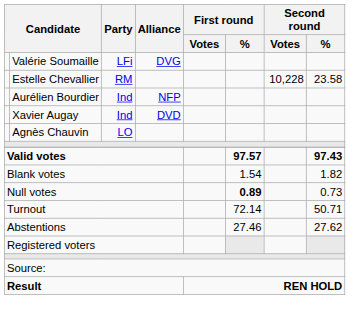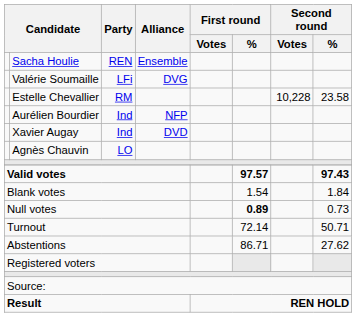 <table class="wikitable" style="text-align:right;font-size:95%;">
 <tr>
 <th colspan="2" rowspan="2">Candidate</th>
 <th colspan="1" rowspan="2">Party</th>
 <th colspan="1" rowspan="2">Alliance</th>
 <th colspan="2">First round</th>
 <th colspan="2">Second round</th>
 </tr>
 <tr>
 <th style="width:50px;">Votes</th>
 <th style="width:45px;">%</th>
 <th style="width:50px;">Votes</th>
 <th style="width:45px;">%</th>
+</tr>
+<tr>
+<td style="color:inherit;background:"></td>
+<td style="text-align:left;"><a href='#'>Sacha Houlie</a></td>
+<td><a href='#'>REN</a></td>
+<td><a href='#'>Ensemble</a></td>
+<td></td>
+<td></td>
+<td><strong></strong></td>
+<td><strong></strong></td>
 </tr>
 <tr>
 <td style="color:inherit;background:"></td>
 <td style="text-align:left;">Valérie Soumaille</td>
 <td><a href='#'>LFi</a></td>
 <td><a href='#'>DVG</a></td>
 <td></td>
 <td></td>
 <td></td>
 <td></td>
 </tr>
 <tr>
 <td style="color:inherit;background:"></td>
 <td style="text-align:left;">Estelle Chevallier</td>
 <td><a href='#'>RM</a></td>
 <td></td>
 <td></td>
 <td></td>
 <td>10,228</td>
 <td>23.58</td>
 </tr>
 <tr>
 <td style="color:inherit;background:"></td>
 <td style="text-align:left;">Aurélien Bourdier</td>
 <td><a href='#'>Ind</a></td>
 <td><a href='#'>NFP</a></td>
 <td></td>
 <td></td>
 <td></td>
 <td></td>
 </tr>
 <tr>
 <td style="color:inherit;background:"></td>
 <td style="text-align:left;">Xavier Augay</td>
 <td><a href='#'>Ind</a></td>
 <td><a href='#'>DVD</a></td>
 <td></td>
 <td></td>
 <td></td>
 <td></td>
 </tr>
 <tr>
 <td style="color:inherit;background:"></td>
 <td style="text-align:left;">Agnès Chauvin</td>
 <td><a href='#'>LO</a></td>
 <td></td>
 <td></td>
 <td></td>
 <td></td>
 <td></td>
 </tr>
 <tr>
 <td colspan="8" style="background:#E9E9E9;"></td>
 </tr>
 <tr>
 </tr>
 <tr style="font-weight:bold;">
 <td colspan="4" style="text-align:left;">Valid votes</td>
 <td></td>
 <td>97.57</td>
 <td></td>
 <td>97.43</td>
 </tr>
 <tr>
 <td colspan="4" style="text-align:left;">Blank votes</td>
 <td></td>
 <td>1.54</td>
 <td></td>
-<td>1.82</td>
+<td>1.84</td>
 </tr>
 <tr>
 <td colspan="4" style="text-align:left;">Null votes</td>
 <td></td>
 <td><strong>0.89</strong></td>
 <td></td>
 <td>0.73</td>
 </tr>
 <tr>
 <td colspan="4" style="text-align:left;">Turnout</td>
 <td></td>
 <td>72.14</td>
 <td></td>
 <td>50.71</td>
 </tr>
 <tr>
 <td colspan="4" style="text-align:left;">Abstentions</td>
 <td></td>
-<td>27.46</td>
+<td>86.71</td>
 <td></td>
 <td>27.62</td>
 </tr>
 <tr>
 <td colspan="4" style="text-align:left;">Registered voters</td>
 <td></td>
 <td style="background:#E9E9E9;"></td>
 <td></td>
 <td style="background:#E9E9E9;"></td>
 </tr>
 <tr>
 <td colspan="8" style="background:#E9E9E9;"></td>
 </tr>
 <tr>
 <td colspan="8" style="text-align:left;">Source: </td>
 </tr>
 <tr style="font-weight:bold">
 <td colspan="4" style="text-align:left;">Result</td>
 <td colspan="4" style="background-color:">REN HOLD</td>
 </tr>
 </table>
